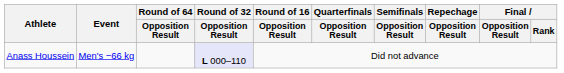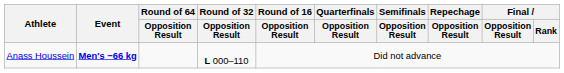 <table class="wikitable" style="font-size:90%">
 <tr>
 <th rowspan=2>Athlete</th>
 <th rowspan=2>Event</th>
 <th>Round of 64</th>
 <th>Round of 32</th>
 <th>Round of 16</th>
 <th>Quarterfinals</th>
 <th>Semifinals</th>
 <th>Repechage</th>
 <th colspan=2>Final / </th>
 </tr>
 <tr style="font-size:95%">
 <th>Opposition<br>Result</th>
 <th>Opposition<br>Result</th>
 <th>Opposition<br>Result</th>
 <th>Opposition<br>Result</th>
 <th>Opposition<br>Result</th>
 <th>Opposition<br>Result</th>
 <th>Opposition<br>Result</th>
 <th>Rank</th>
 </tr>
 <tr align=center>
 <td align=left><a href='#'>Anass Houssein</a></td>
-<td align=left><a href='#'>Men's −66 kg</a></td>
+<td align=left><strong><a href='#'>Men's −66 kg</a></strong></td>
 <td></td>
-<td style="background: lavender;"><br><strong>L</strong> 000–110</td>
+<td><br><strong>L</strong> 000–110</td>
 <td colspan=6>Did not advance</td>
 </tr>
 </table>
